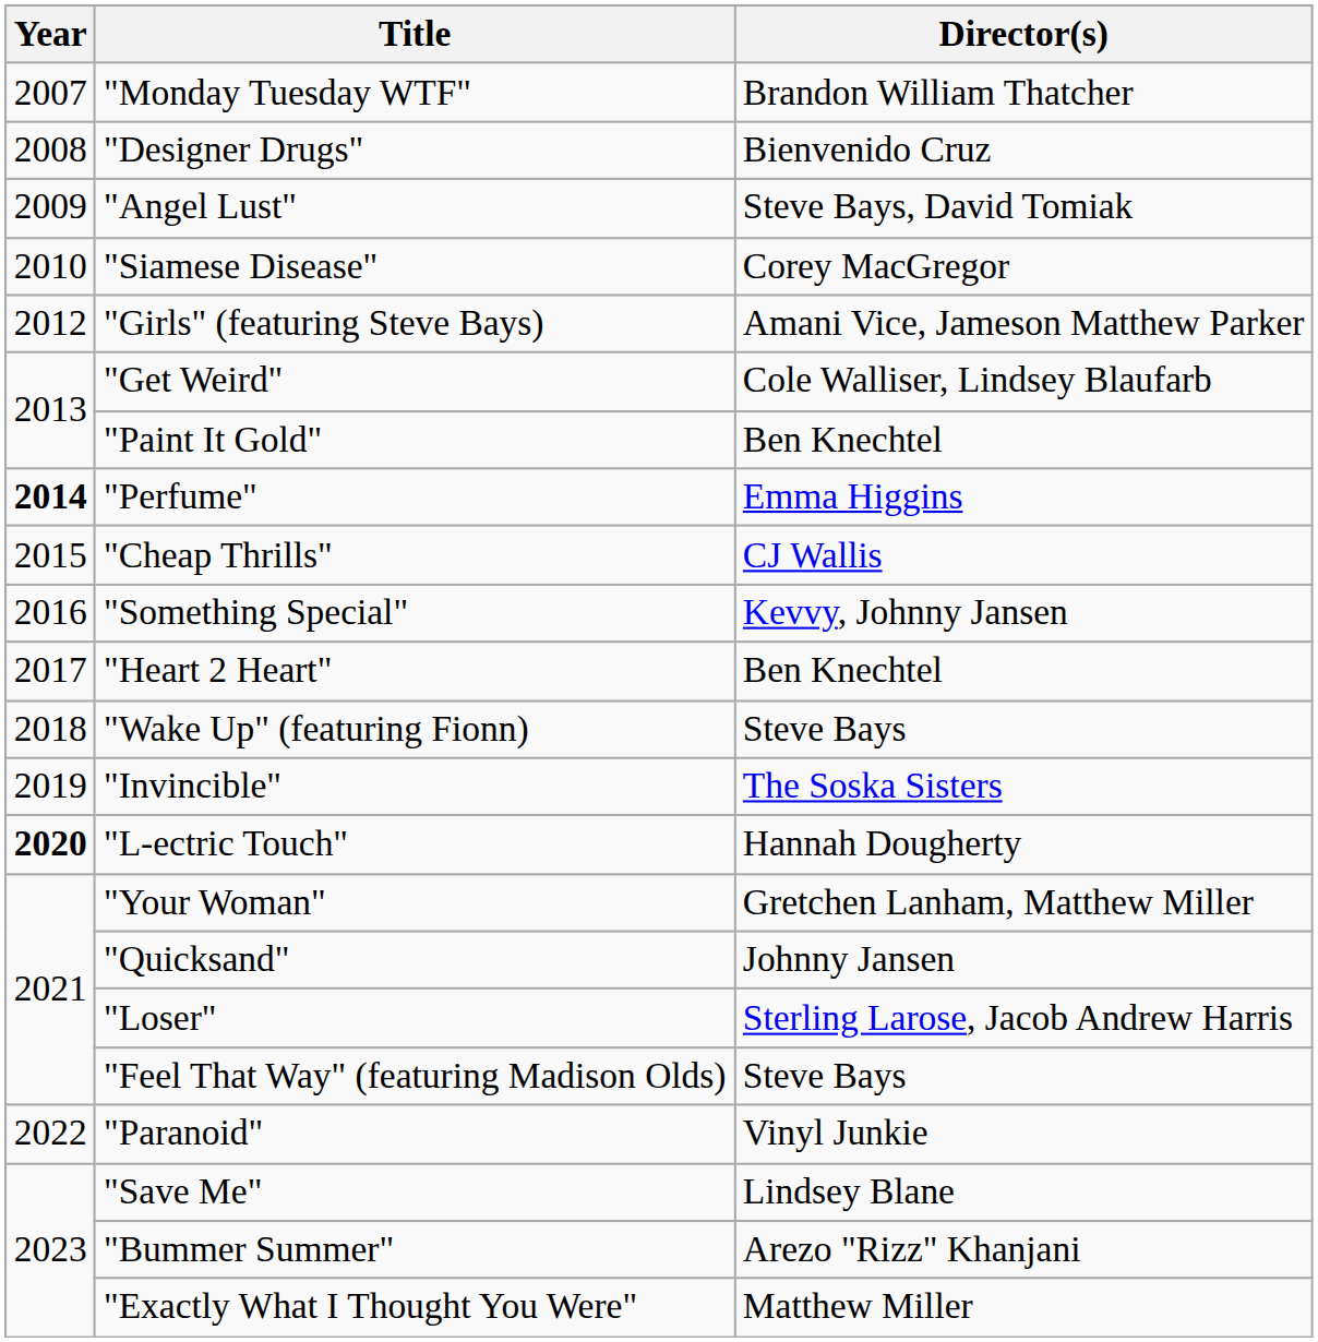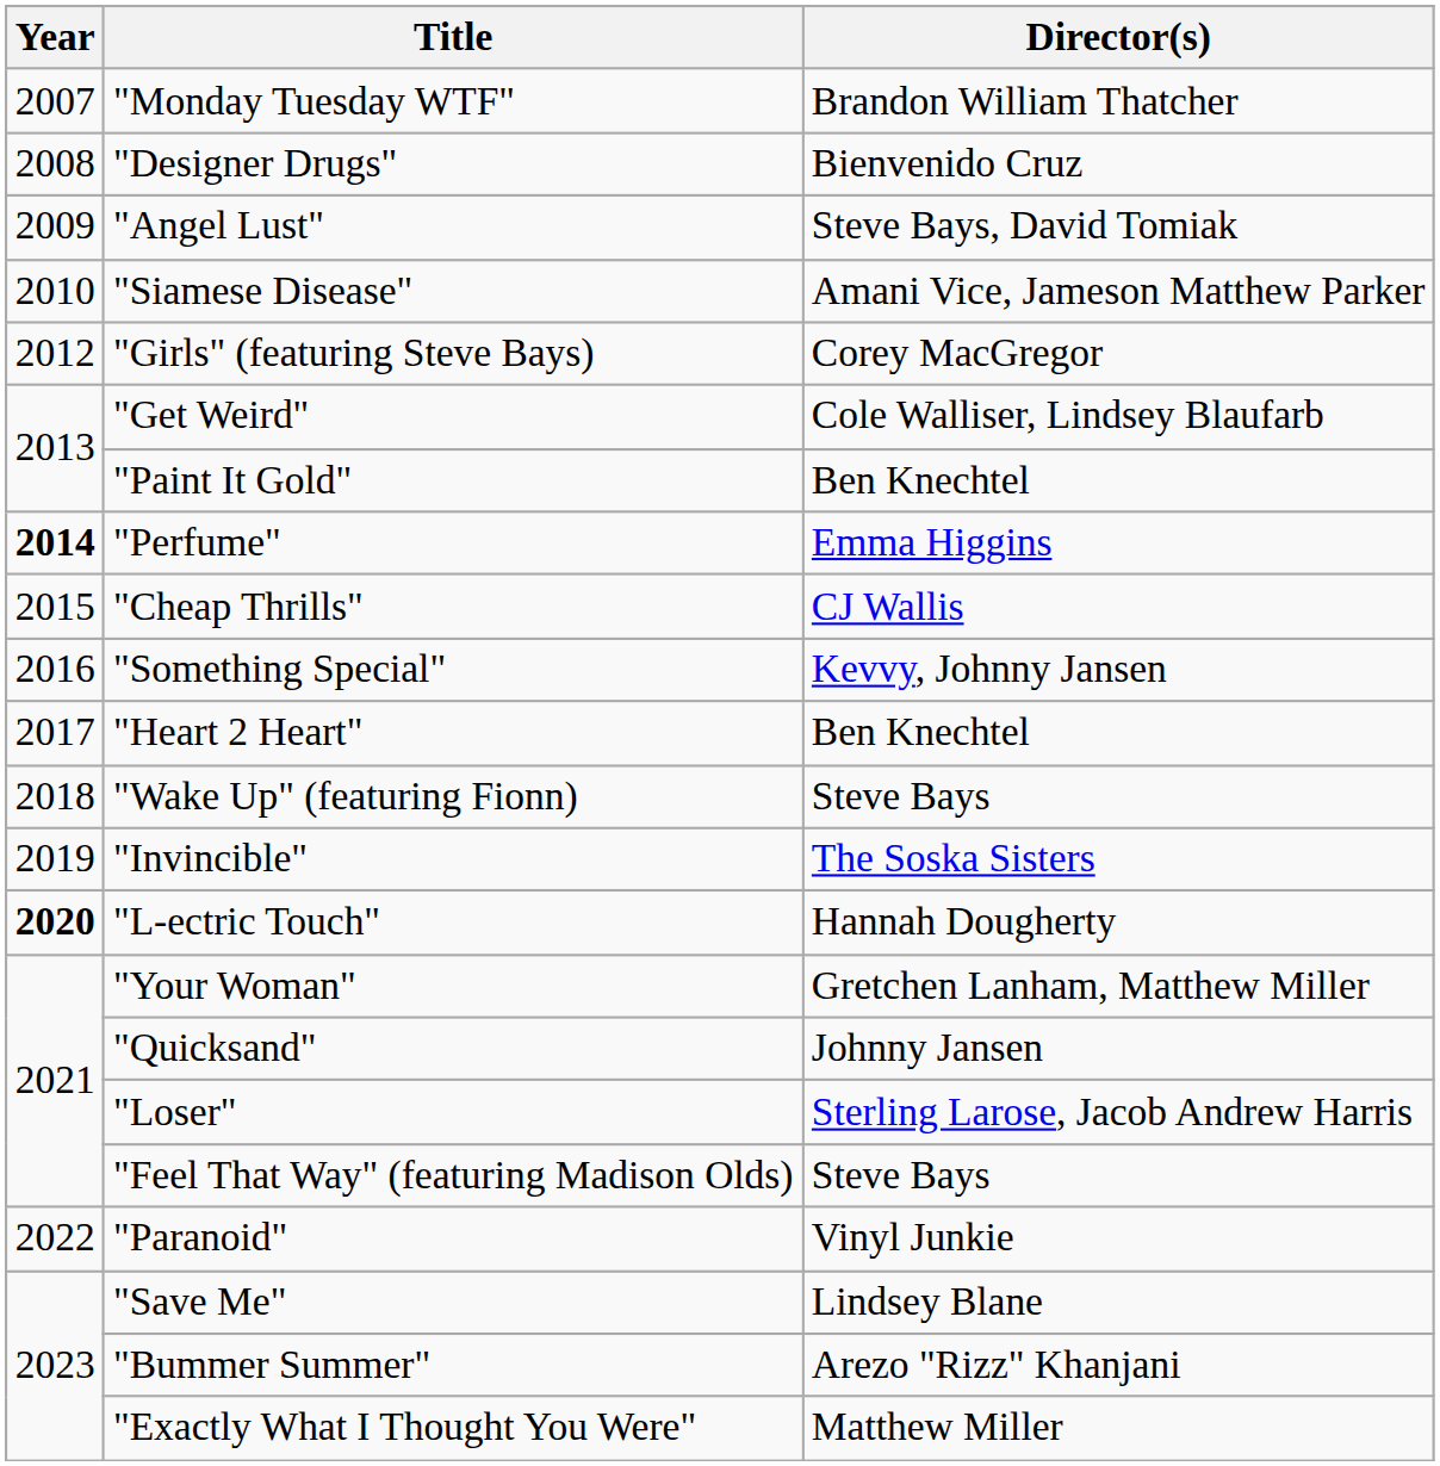 <table class="wikitable">
 <tr>
 <th>Year</th>
 <th>Title</th>
 <th>Director(s)<br></th>
 </tr>
 <tr>
 <td style="text-align:center;">2007</td>
 <td>"Monday Tuesday WTF"</td>
 <td>Brandon William Thatcher</td>
 </tr>
 <tr>
 <td style="text-align:center;">2008</td>
 <td>"Designer Drugs"</td>
 <td>Bienvenido Cruz</td>
 </tr>
 <tr>
 <td style="text-align:center;">2009</td>
 <td>"Angel Lust"</td>
 <td>Steve Bays, David Tomiak</td>
 </tr>
 <tr>
 <td style="text-align:center;">2010</td>
 <td>"Siamese Disease"</td>
-<td>Corey MacGregor</td>
+<td>Amani Vice, Jameson Matthew Parker</td>
 </tr>
 <tr>
 <td style="text-align:center;">2012</td>
 <td>"Girls" <span>(featuring Steve Bays)</span></td>
-<td>Amani Vice, Jameson Matthew Parker</td>
+<td>Corey MacGregor</td>
 </tr>
 <tr>
 <td style="text-align:center;" rowspan="2">2013</td>
 <td>"Get Weird"</td>
 <td>Cole Walliser, Lindsey Blaufarb</td>
 </tr>
 <tr>
 <td>"Paint It Gold"</td>
 <td>Ben Knechtel</td>
 </tr>
 <tr>
 <td style="text-align:center;"><strong>2014</strong></td>
 <td>"Perfume"</td>
 <td><a href='#'>Emma Higgins</a></td>
 </tr>
 <tr>
 <td style="text-align:center;">2015</td>
 <td>"Cheap Thrills"</td>
 <td><a href='#'>CJ Wallis</a></td>
 </tr>
 <tr>
 <td style="text-align:center;">2016</td>
 <td>"Something Special"</td>
 <td><a href='#'>Kevvy</a>, Johnny Jansen</td>
 </tr>
 <tr>
 <td style="text-align:center;">2017</td>
 <td>"Heart 2 Heart"</td>
 <td>Ben Knechtel</td>
 </tr>
 <tr>
 <td style="text-align:center;">2018</td>
 <td>"Wake Up" <span>(featuring Fionn)</span></td>
 <td>Steve Bays</td>
 </tr>
 <tr>
 <td style="text-align:center;">2019</td>
 <td>"Invincible"</td>
 <td><a href='#'>The Soska Sisters</a></td>
 </tr>
 <tr>
 <td style="text-align:center;"><strong>2020</strong></td>
 <td>"L-ectric Touch"</td>
 <td>Hannah Dougherty</td>
 </tr>
 <tr>
 <td style="text-align:center;" rowspan="4">2021</td>
 <td>"Your Woman"</td>
 <td>Gretchen Lanham, Matthew Miller</td>
 </tr>
 <tr>
 <td>"Quicksand"</td>
 <td>Johnny Jansen</td>
 </tr>
 <tr>
 <td>"Loser"</td>
 <td><a href='#'>Sterling Larose</a>, Jacob Andrew Harris</td>
 </tr>
 <tr>
 <td>"Feel That Way" <span>(featuring Madison Olds)</span></td>
 <td>Steve Bays</td>
 </tr>
 <tr>
 <td style="text-align:center;">2022</td>
 <td>"Paranoid"</td>
 <td>Vinyl Junkie</td>
 </tr>
 <tr>
 <td style="text-align:center;" rowspan="3">2023</td>
 <td>"Save Me"</td>
 <td>Lindsey Blane</td>
 </tr>
 <tr>
 <td>"Bummer Summer"</td>
 <td>Arezo "Rizz" Khanjani </td>
 </tr>
 <tr>
 <td>"Exactly What I Thought You Were"</td>
 <td>Matthew Miller</td>
 </tr>
 </table>
